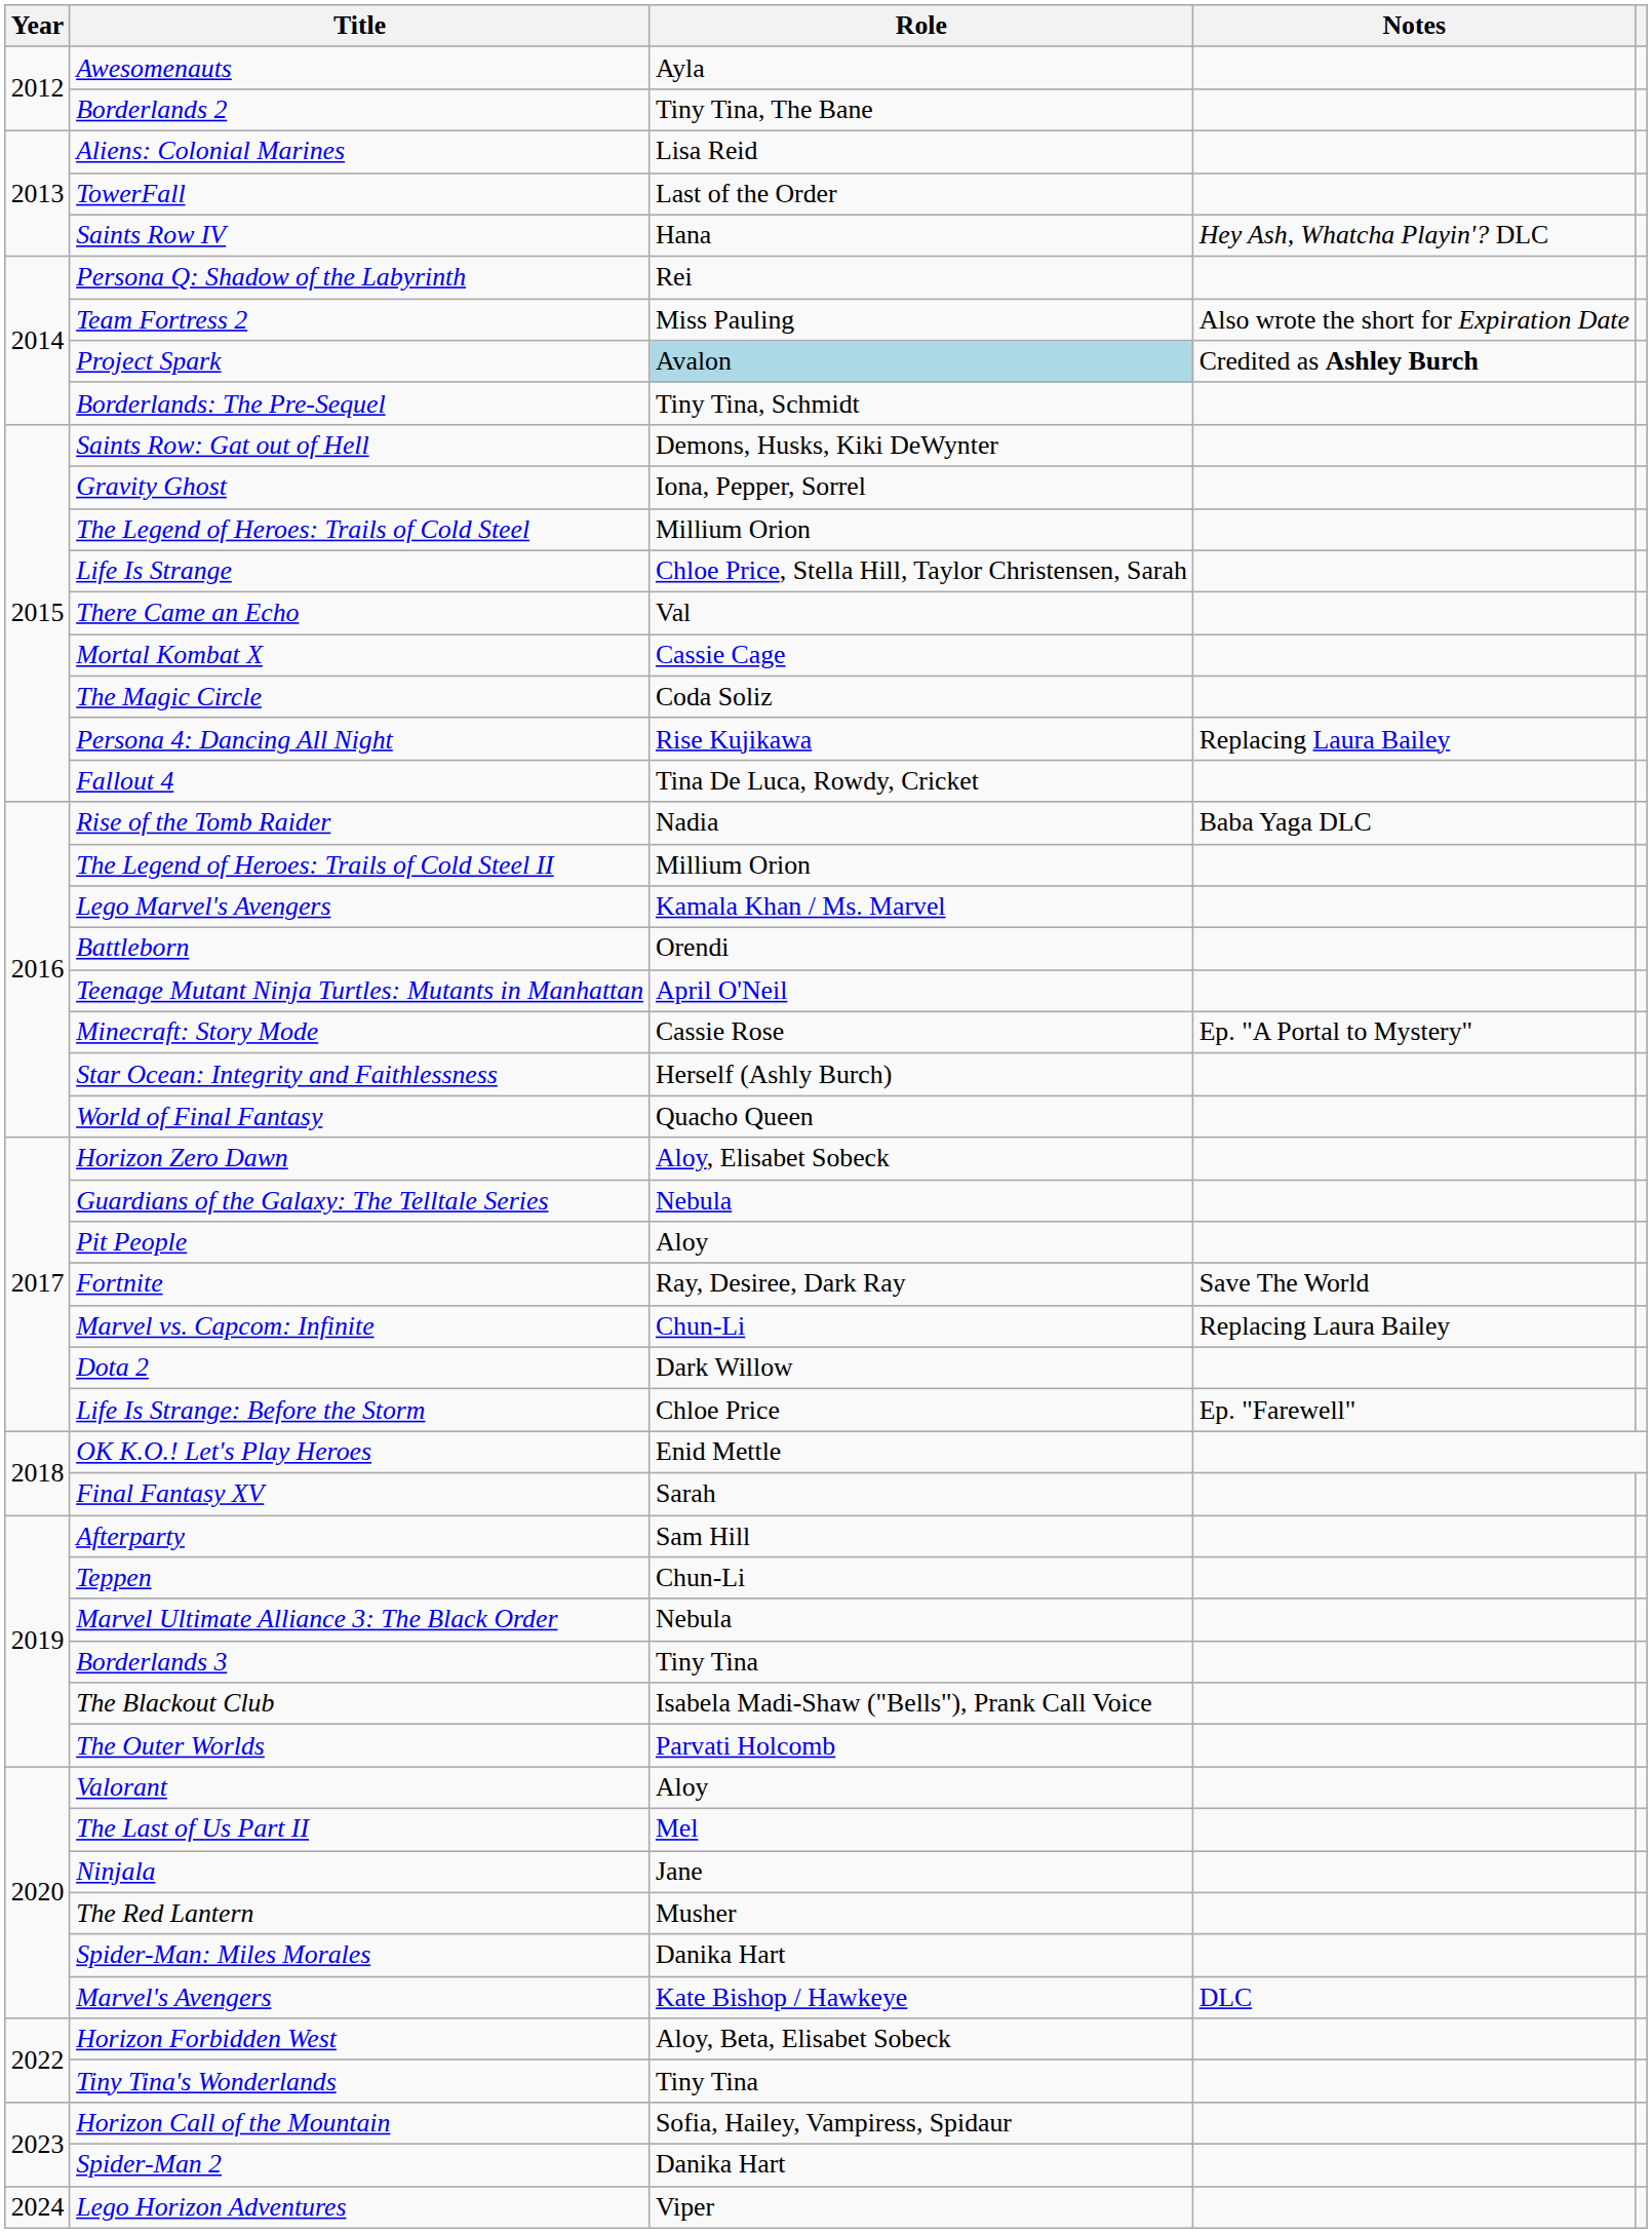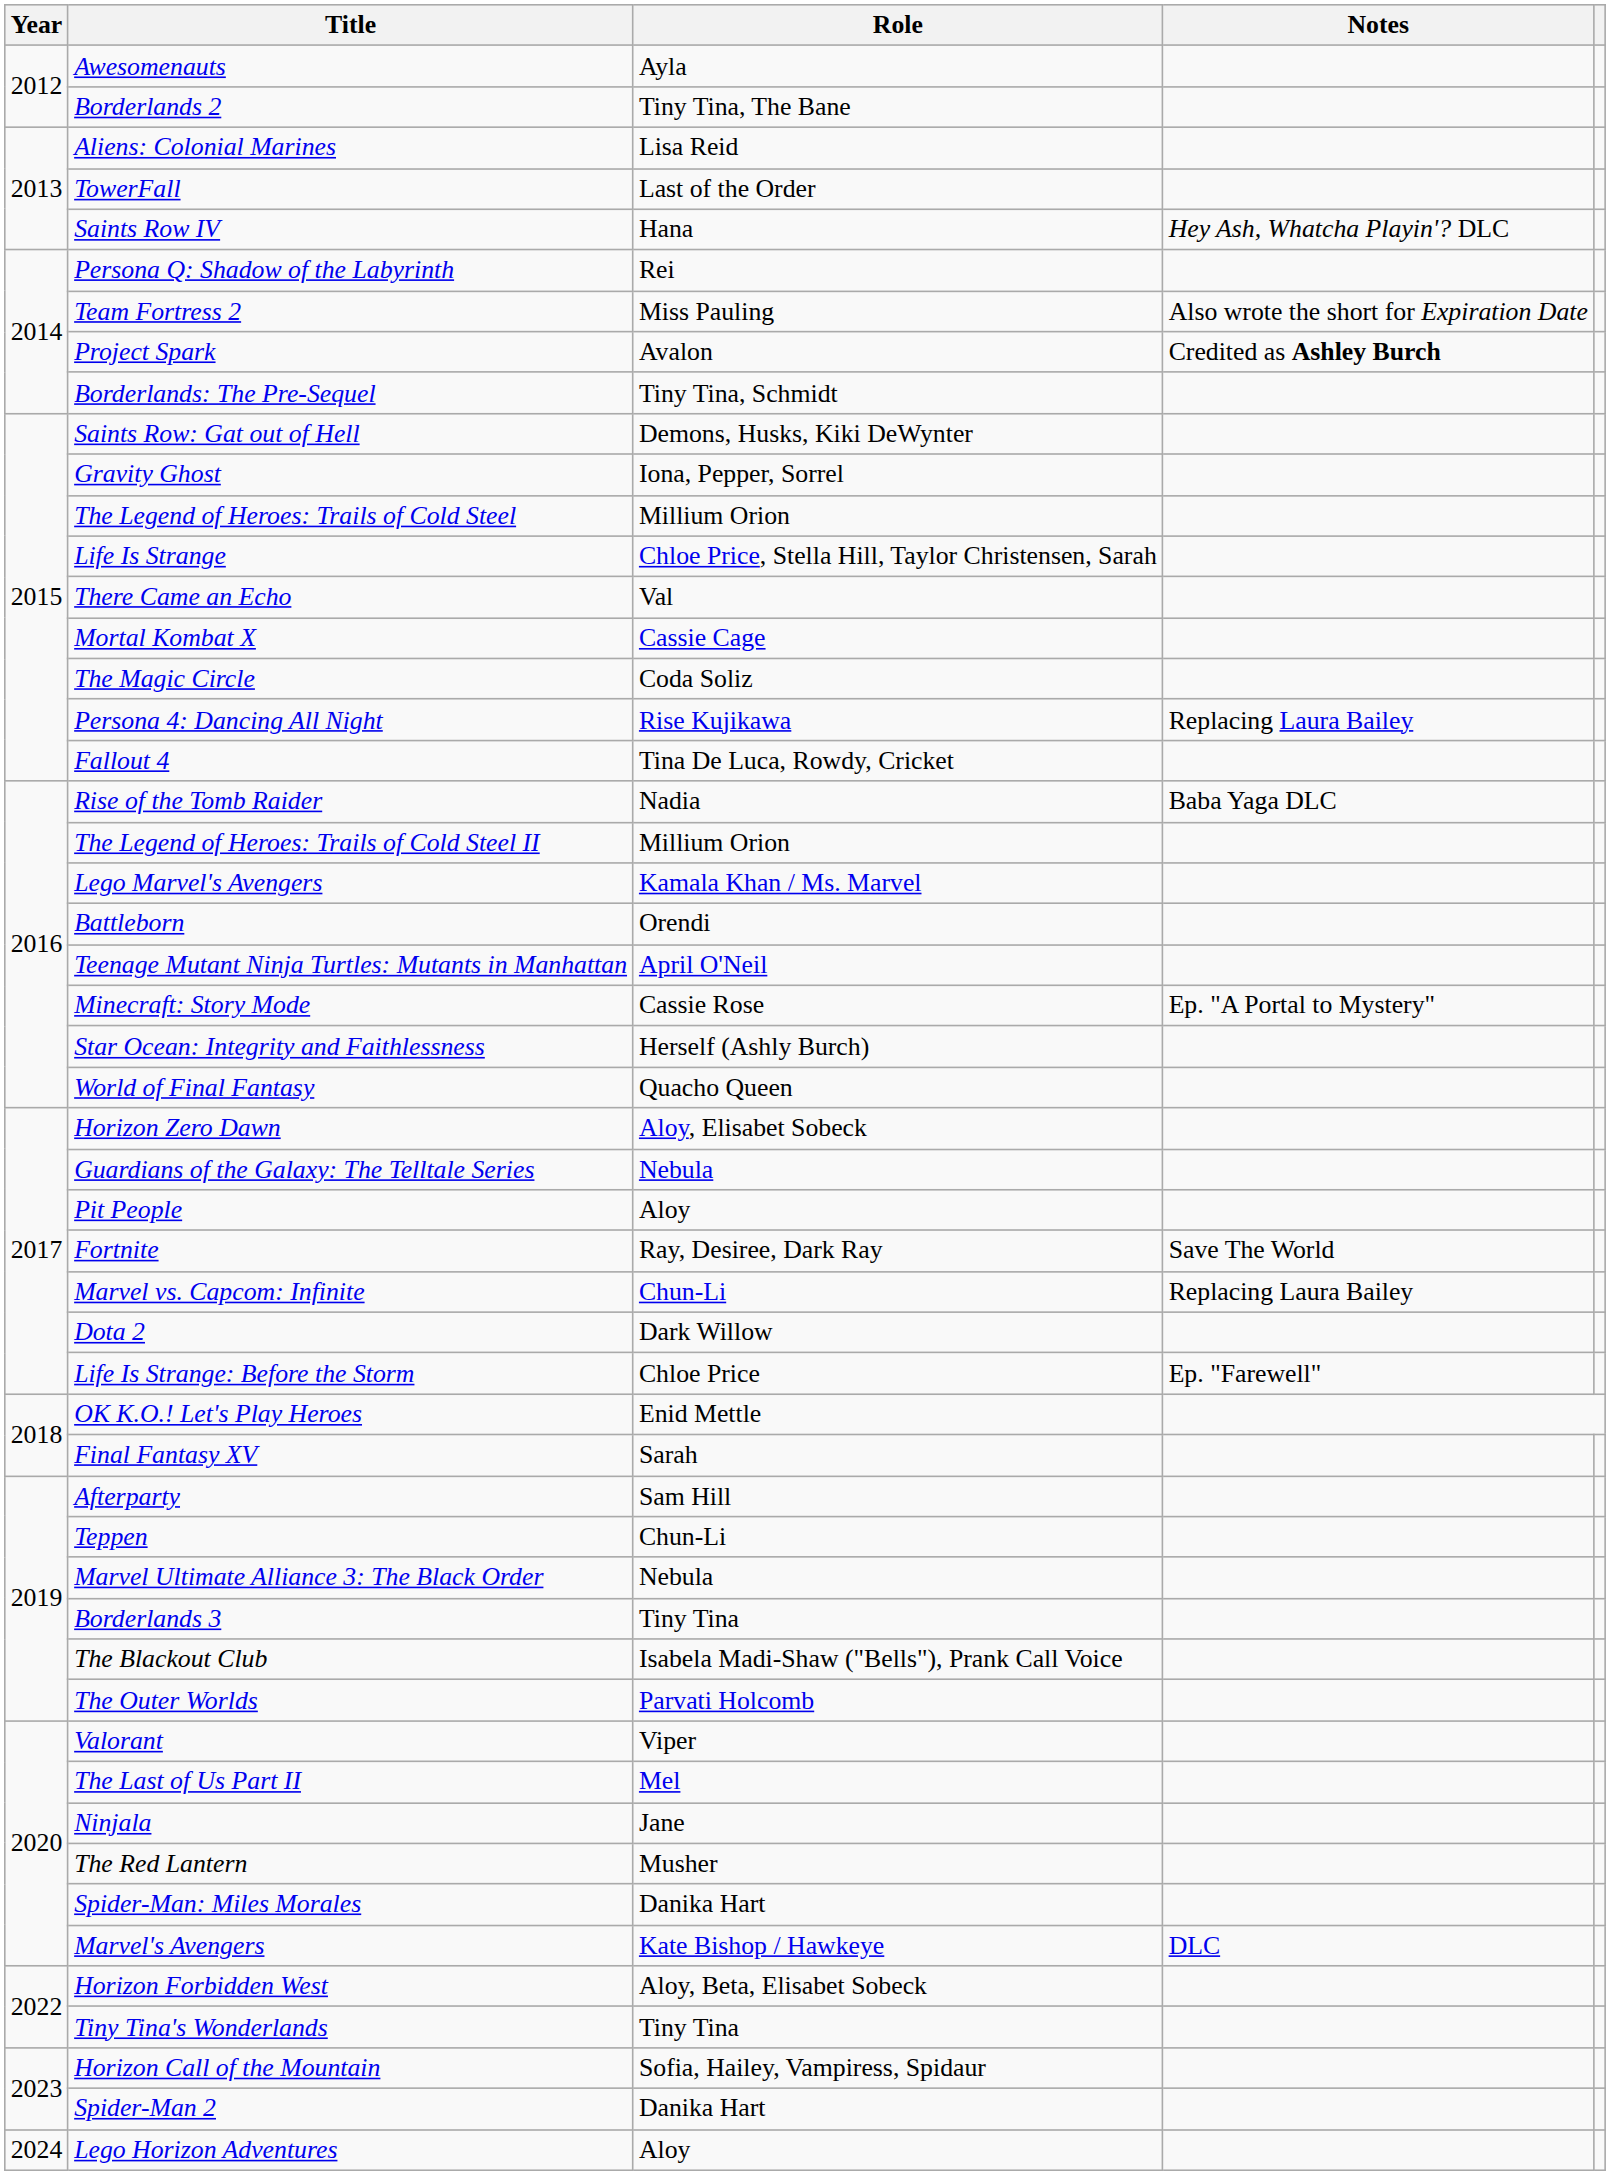 <table class="wikitable sortable">
 <tr>
 <th>Year</th>
 <th>Title</th>
 <th>Role</th>
 <th class="unsortable">Notes</th>
 <th class="unsortable"></th>
 </tr>
 <tr>
 <td rowspan="2">2012</td>
 <td><em><a href='#'>Awesomenauts</a></em></td>
 <td>Ayla</td>
 <td></td>
 <td></td>
 </tr>
 <tr>
 <td><em><a href='#'>Borderlands 2</a></em></td>
 <td>Tiny Tina, The Bane</td>
 <td></td>
 <td></td>
 </tr>
 <tr>
 <td rowspan="3">2013</td>
 <td><em><a href='#'>Aliens: Colonial Marines</a></em></td>
 <td>Lisa Reid</td>
 <td></td>
 <td></td>
 </tr>
 <tr>
 <td><em><a href='#'>TowerFall</a></em></td>
 <td>Last of the Order</td>
 <td></td>
 <td></td>
 </tr>
 <tr>
 <td><em><a href='#'>Saints Row IV</a></em></td>
 <td>Hana</td>
 <td><em>Hey Ash, Whatcha Playin'?</em> DLC</td>
 <td></td>
 </tr>
 <tr>
 <td rowspan="4">2014</td>
 <td><em><a href='#'>Persona Q: Shadow of the Labyrinth</a></em></td>
 <td>Rei</td>
 <td></td>
 <td></td>
 </tr>
 <tr>
 <td><em><a href='#'>Team Fortress 2</a></em></td>
 <td>Miss Pauling</td>
 <td>Also wrote the short for <em>Expiration Date</em></td>
 <td></td>
 </tr>
 <tr>
 <td><em><a href='#'>Project Spark</a></em></td>
-<td style="background: lightblue;">Avalon</td>
+<td>Avalon</td>
 <td>Credited as <strong>Ashley Burch</strong></td>
 <td></td>
 </tr>
 <tr>
 <td><em><a href='#'>Borderlands: The Pre-Sequel</a></em></td>
 <td>Tiny Tina, Schmidt</td>
 <td></td>
 <td></td>
 </tr>
 <tr>
 <td rowspan="9">2015</td>
 <td><em><a href='#'>Saints Row: Gat out of Hell</a></em></td>
 <td>Demons, Husks, Kiki DeWynter</td>
 <td></td>
 <td></td>
 </tr>
 <tr>
 <td><em><a href='#'>Gravity Ghost</a></em></td>
 <td>Iona, Pepper, Sorrel</td>
 <td></td>
 <td></td>
 </tr>
 <tr>
 <td><em><a href='#'>The Legend of Heroes: Trails of Cold Steel</a></em></td>
 <td>Millium Orion</td>
 <td></td>
 <td></td>
 </tr>
 <tr>
 <td><em><a href='#'>Life Is Strange</a></em></td>
 <td><a href='#'>Chloe Price</a>, Stella Hill, Taylor Christensen, Sarah</td>
 <td></td>
 <td></td>
 </tr>
 <tr>
 <td><em><a href='#'>There Came an Echo</a></em></td>
 <td>Val</td>
 <td></td>
 <td></td>
 </tr>
 <tr>
 <td><em><a href='#'>Mortal Kombat X</a></em></td>
 <td><a href='#'>Cassie Cage</a></td>
 <td></td>
 <td></td>
 </tr>
 <tr>
 <td><em><a href='#'>The Magic Circle</a></em></td>
 <td>Coda Soliz</td>
 <td></td>
 <td></td>
 </tr>
 <tr>
 <td><em><a href='#'>Persona 4: Dancing All Night</a></em></td>
 <td><a href='#'>Rise Kujikawa</a></td>
 <td>Replacing <a href='#'>Laura Bailey</a></td>
 <td></td>
 </tr>
 <tr>
 <td><em><a href='#'>Fallout 4</a></em></td>
 <td>Tina De Luca, Rowdy, Cricket</td>
 <td></td>
 <td></td>
 </tr>
 <tr>
 <td rowspan="8">2016</td>
 <td><em><a href='#'>Rise of the Tomb Raider</a></em></td>
 <td>Nadia</td>
 <td>Baba Yaga DLC</td>
 <td></td>
 </tr>
 <tr>
 <td><em><a href='#'>The Legend of Heroes: Trails of Cold Steel II</a></em></td>
 <td>Millium Orion</td>
 <td></td>
 <td></td>
 </tr>
 <tr>
 <td><em><a href='#'>Lego Marvel's Avengers</a></em></td>
 <td><a href='#'>Kamala Khan / Ms. Marvel</a></td>
 <td></td>
 <td></td>
 </tr>
 <tr>
 <td><em><a href='#'>Battleborn</a></em></td>
 <td>Orendi</td>
 <td></td>
 <td></td>
 </tr>
 <tr>
 <td><em><a href='#'>Teenage Mutant Ninja Turtles: Mutants in Manhattan</a></em></td>
 <td><a href='#'>April O'Neil</a></td>
 <td></td>
 <td></td>
 </tr>
 <tr>
 <td><em><a href='#'>Minecraft: Story Mode</a></em></td>
 <td>Cassie Rose</td>
 <td>Ep. "A Portal to Mystery"</td>
 <td></td>
 </tr>
 <tr>
 <td><em><a href='#'>Star Ocean: Integrity and Faithlessness</a></em></td>
 <td>Herself (Ashly Burch)</td>
 <td></td>
 <td></td>
 </tr>
 <tr>
 <td><em><a href='#'>World of Final Fantasy</a></em></td>
 <td>Quacho Queen</td>
 <td></td>
 <td></td>
 </tr>
 <tr>
 <td rowspan="7">2017</td>
 <td><em><a href='#'>Horizon Zero Dawn</a></em></td>
 <td><a href='#'>Aloy</a>, Elisabet Sobeck</td>
 <td></td>
 <td></td>
 </tr>
 <tr>
 <td><em><a href='#'>Guardians of the Galaxy: The Telltale Series</a></em></td>
 <td><a href='#'>Nebula</a></td>
 <td></td>
 <td></td>
 </tr>
 <tr>
 <td><em><a href='#'>Pit People</a></em></td>
 <td>Aloy</td>
 <td></td>
 <td></td>
 </tr>
 <tr>
 <td><em><a href='#'>Fortnite</a></em></td>
 <td>Ray, Desiree, Dark Ray</td>
 <td>Save The World</td>
 <td></td>
 </tr>
 <tr>
 <td><em><a href='#'>Marvel vs. Capcom: Infinite</a></em></td>
 <td><a href='#'>Chun-Li</a></td>
 <td>Replacing Laura Bailey</td>
 <td></td>
 </tr>
 <tr>
 <td><em><a href='#'>Dota 2</a></em></td>
 <td>Dark Willow</td>
 <td></td>
 <td></td>
 </tr>
 <tr>
 <td><em><a href='#'>Life Is Strange: Before the Storm</a></em></td>
 <td>Chloe Price</td>
 <td>Ep. "Farewell"</td>
 <td></td>
 </tr>
 <tr>
 <td rowspan="2">2018</td>
 <td><em><a href='#'>OK K.O.! Let's Play Heroes</a></em></td>
 <td>Enid Mettle</td>
 </tr>
 <tr>
 <td><em><a href='#'>Final Fantasy XV</a></em></td>
 <td>Sarah</td>
 <td></td>
 <td></td>
 </tr>
 <tr>
 <td rowspan="6">2019</td>
 <td><em><a href='#'>Afterparty</a></em></td>
 <td>Sam Hill</td>
 <td></td>
 <td></td>
 </tr>
 <tr>
 <td><em><a href='#'>Teppen</a></em></td>
 <td>Chun-Li</td>
 <td></td>
 <td></td>
 </tr>
 <tr>
 <td><em><a href='#'>Marvel Ultimate Alliance 3: The Black Order</a></em></td>
 <td>Nebula</td>
 <td></td>
 <td></td>
 </tr>
 <tr>
 <td><em><a href='#'>Borderlands 3</a></em></td>
 <td>Tiny Tina</td>
 <td></td>
 <td></td>
 </tr>
 <tr>
 <td><em>The Blackout Club</em></td>
 <td>Isabela Madi-Shaw ("Bells"), Prank Call Voice</td>
 <td></td>
 <td></td>
 </tr>
 <tr>
 <td><em><a href='#'>The Outer Worlds</a></em></td>
 <td><a href='#'>Parvati Holcomb</a></td>
 <td></td>
 <td></td>
 </tr>
 <tr>
 <td rowspan="6">2020</td>
 <td><em><a href='#'>Valorant</a></em></td>
-<td>Aloy</td>
+<td>Viper</td>
 <td></td>
 <td></td>
 </tr>
 <tr>
 <td><em><a href='#'>The Last of Us Part II</a></em></td>
 <td><a href='#'>Mel</a></td>
 <td></td>
 <td></td>
 </tr>
 <tr>
 <td><em><a href='#'>Ninjala</a></em></td>
 <td>Jane</td>
 <td></td>
 <td></td>
 </tr>
 <tr>
 <td><em>The Red Lantern</em></td>
 <td>Musher</td>
 <td></td>
 <td></td>
 </tr>
 <tr>
 <td><em><a href='#'>Spider-Man: Miles Morales</a></em></td>
 <td>Danika Hart</td>
 <td></td>
 <td></td>
 </tr>
 <tr>
 <td><a href='#'><em>Marvel's Avengers</em></a></td>
 <td><a href='#'>Kate Bishop / Hawkeye</a></td>
 <td><a href='#'>DLC</a></td>
 <td></td>
 </tr>
 <tr>
 <td rowspan="2">2022</td>
 <td><em><a href='#'>Horizon Forbidden West</a></em></td>
 <td>Aloy, Beta, Elisabet Sobeck</td>
 <td></td>
 <td></td>
 </tr>
 <tr>
 <td><em><a href='#'>Tiny Tina's Wonderlands</a></em></td>
 <td>Tiny Tina</td>
 <td></td>
 <td></td>
 </tr>
 <tr>
 <td rowspan="2">2023</td>
 <td><em><a href='#'>Horizon Call of the Mountain</a></em></td>
 <td>Sofia, Hailey, Vampiress, Spidaur</td>
 <td></td>
 <td></td>
 </tr>
 <tr>
 <td><em><a href='#'>Spider-Man 2</a></em></td>
 <td>Danika Hart</td>
 <td></td>
 <td></td>
 </tr>
 <tr>
 <td>2024</td>
 <td><em><a href='#'>Lego Horizon Adventures</a></em></td>
-<td>Viper</td>
+<td>Aloy</td>
 <td></td>
 <td></td>
 </tr>
 </table>
